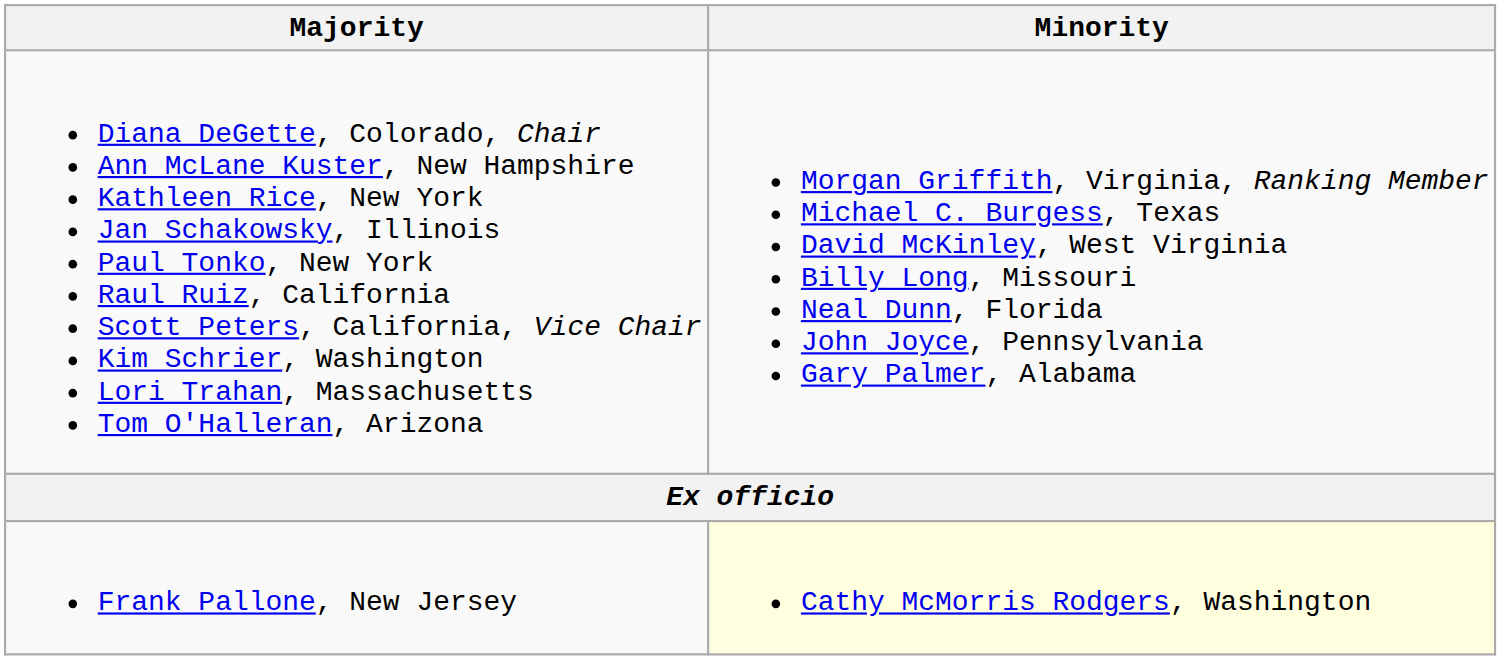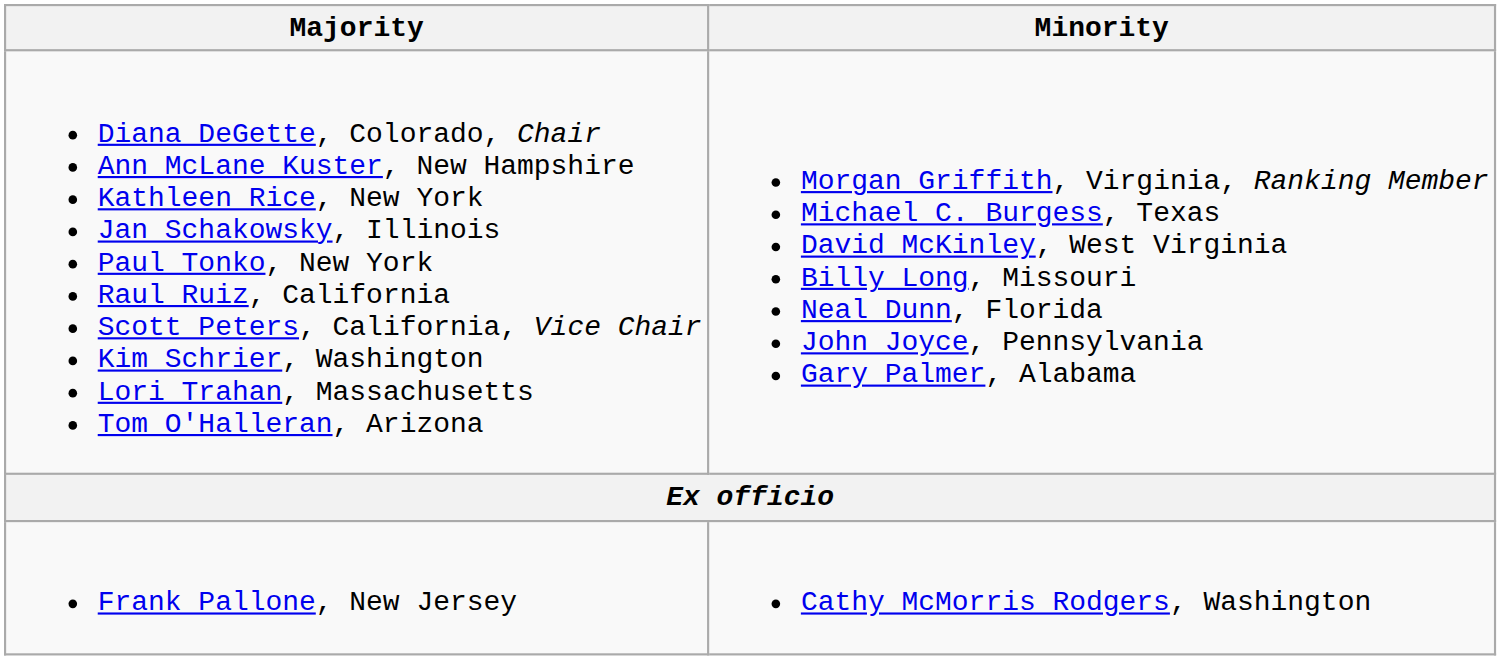 <table class=wikitable>
 <tr>
 <th>Majority</th>
 <th>Minority</th>
 </tr>
 <tr>
 <td><br><ul><li><a href='#'>Diana DeGette</a>, Colorado, <em>Chair</em></li><li><a href='#'>Ann McLane Kuster</a>, New Hampshire</li><li><a href='#'>Kathleen Rice</a>, New York</li><li><a href='#'>Jan Schakowsky</a>, Illinois</li><li><a href='#'>Paul Tonko</a>, New York</li><li><a href='#'>Raul Ruiz</a>, California</li><li><a href='#'>Scott Peters</a>, California, <em>Vice Chair</em></li><li><a href='#'>Kim Schrier</a>, Washington</li><li><a href='#'>Lori Trahan</a>, Massachusetts</li><li><a href='#'>Tom O'Halleran</a>, Arizona</li></ul></td>
 <td><br><ul><li><a href='#'>Morgan Griffith</a>, Virginia, <em>Ranking Member</em></li><li><a href='#'>Michael C. Burgess</a>, Texas</li><li><a href='#'>David McKinley</a>, West Virginia</li><li><a href='#'>Billy Long</a>, Missouri</li><li><a href='#'>Neal Dunn</a>, Florida</li><li><a href='#'>John Joyce</a>, Pennsylvania</li><li><a href='#'>Gary Palmer</a>, Alabama</li></ul></td>
 </tr>
 <tr>
 <th colspan=2><em>Ex officio</em></th>
 </tr>
 <tr>
 <td><br><ul><li><a href='#'>Frank Pallone</a>, New Jersey</li></ul></td>
-<td style="background: lightyellow;"><br><ul><li><a href='#'>Cathy McMorris Rodgers</a>, Washington</li></ul></td>
+<td><br><ul><li><a href='#'>Cathy McMorris Rodgers</a>, Washington</li></ul></td>
 </tr>
 </table>
